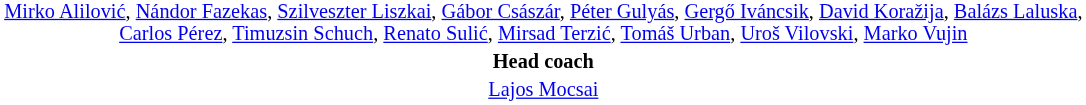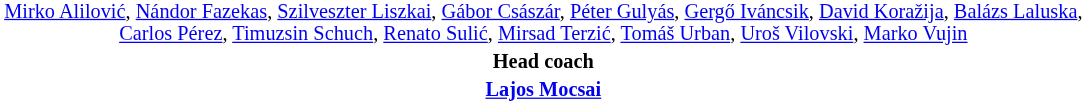 <table style="text-align: center; margin-top: 2em; margin-left: auto; margin-right: auto">
 <tr>
 <td><a href='#'>Mirko Alilović</a>, <a href='#'>Nándor Fazekas</a>, <a href='#'>Szilveszter Liszkai</a>, <a href='#'>Gábor Császár</a>, <a href='#'>Péter Gulyás</a>, <a href='#'>Gergő Iváncsik</a>, <a href='#'>David Koražija</a>, <a href='#'>Balázs Laluska</a>, <a href='#'>Carlos Pérez</a>, <a href='#'>Timuzsin Schuch</a>, <a href='#'>Renato Sulić</a>, <a href='#'>Mirsad Terzić</a>, <a href='#'>Tomáš Urban</a>, <a href='#'>Uroš Vilovski</a>, <a href='#'>Marko Vujin</a></td>
 </tr>
 <tr>
 <td><strong>Head coach</strong></td>
 </tr>
 <tr>
-<td><a href='#'>Lajos Mocsai</a></td>
+<td><strong><a href='#'>Lajos Mocsai</a></strong></td>
 </tr>
 </table>
